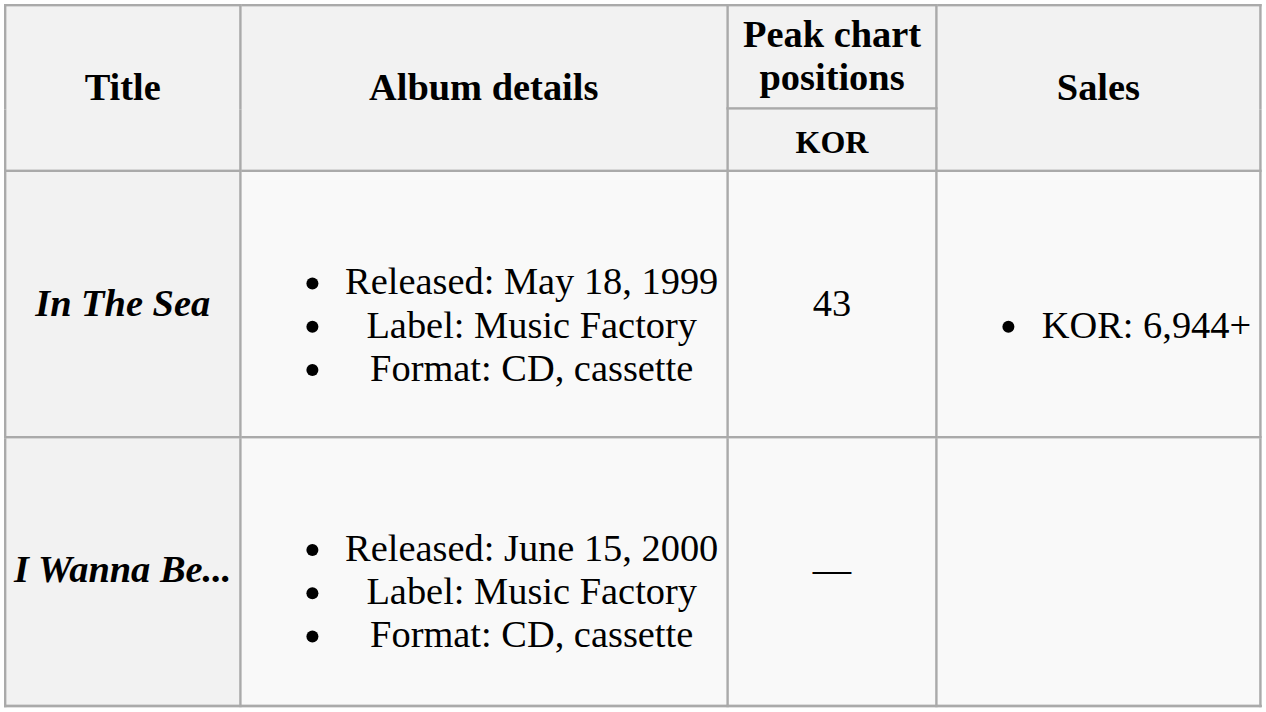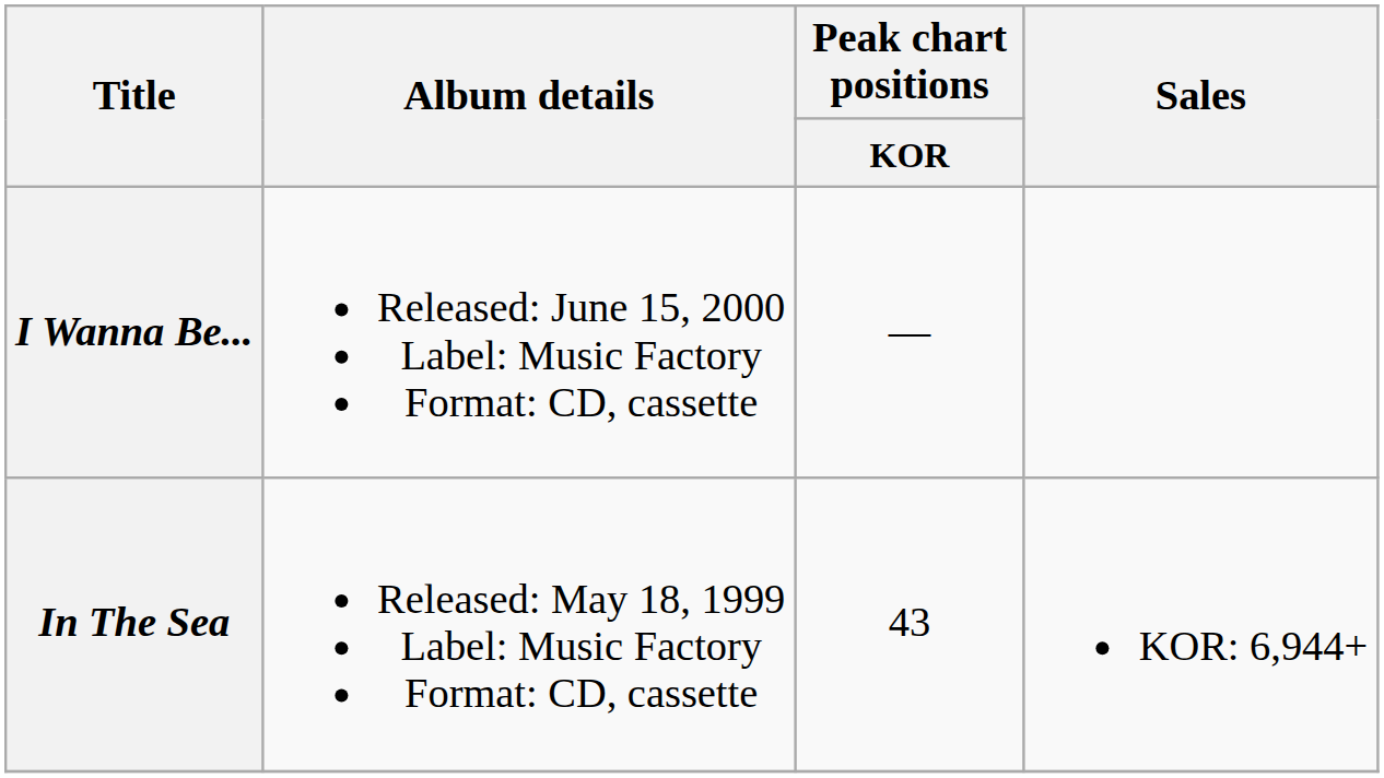 <table class="wikitable plainrowheaders" style="text-align:center;">
 <tr>
 <th scope="col" rowspan="2">Title</th>
 <th scope="col" rowspan="2">Album details</th>
 <th scope="col" colspan="1" style="width:5em;">Peak chart positions</th>
 <th scope="col" rowspan="2">Sales</th>
 </tr>
 <tr>
 <th><small>KOR</small><br></th>
 </tr>
 <tr>
+<th scope="row"><em>I Wanna Be...</em></th>
+<td><br><ul><li>Released: June 15, 2000</li><li>Label: Music Factory</li><li>Format: CD, cassette</li></ul></td>
+<td>—</td>
+<td></td>
+</tr>
+<tr>
 <th scope="row"><em>In The Sea</em></th>
 <td><br><ul><li>Released: May 18, 1999</li><li>Label: Music Factory</li><li>Format: CD, cassette</li></ul></td>
 <td>43</td>
 <td><br><ul><li>KOR: 6,944+</li></ul></td>
 </tr>
 <tr>
-<th scope="row"><em>I Wanna Be...</em></th>
-<td><br><ul><li>Released: June 15, 2000</li><li>Label: Music Factory</li><li>Format: CD, cassette</li></ul></td>
-<td>—</td>
-<td></td>
-</tr>
-<tr>
 </tr>
 </table>
